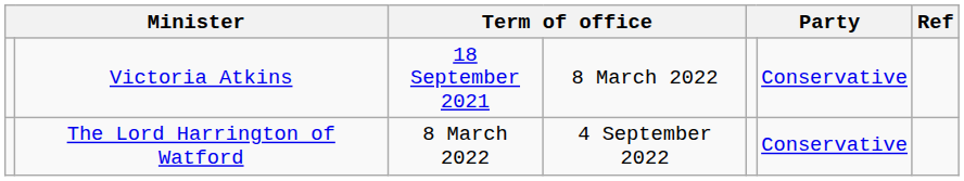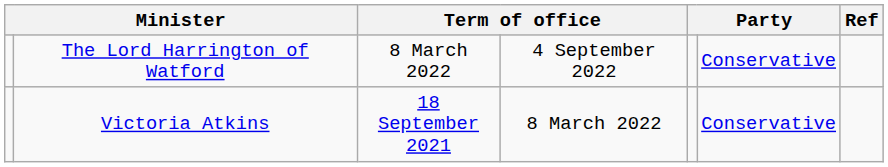 <table class="wikitable" style="text-align:center">
 <tr>
 <th colspan="2">Minister</th>
 <th colspan="2">Term of office</th>
 <th colspan="2">Party</th>
 <th scope=col>Ref</th>
+</tr>
+<tr>
+<td></td>
+<td><a href='#'>The Lord Harrington of Watford</a></td>
+<td>8 March 2022</td>
+<td>4 September 2022</td>
+<td style="color:inherit;background:"></td>
+<td><a href='#'>Conservative</a></td>
+<td></td>
 </tr>
 <tr>
 <td></td>
 <td><a href='#'>Victoria Atkins</a></td>
 <td><a href='#'>18 September<br>2021</a></td>
 <td>8 March 2022</td>
 <td style="color:inherit;background:"></td>
 <td><a href='#'>Conservative</a></td>
 <td></td>
 </tr>
-<tr>
-<td></td>
-<td><a href='#'>The Lord Harrington of Watford</a></td>
-<td>8 March 2022</td>
-<td>4 September 2022</td>
-<td style="color:inherit;background:"></td>
-<td><a href='#'>Conservative</a></td>
-<td></td>
-</tr>
 </table>
